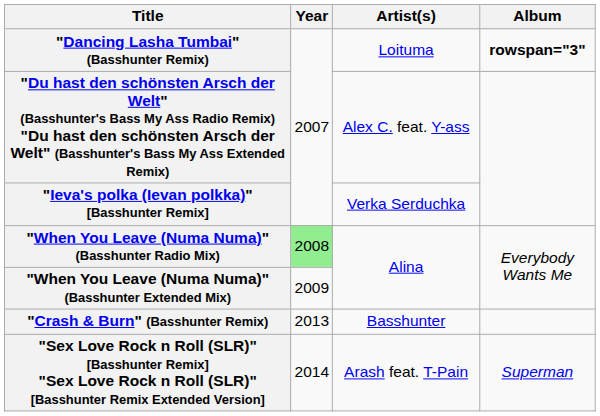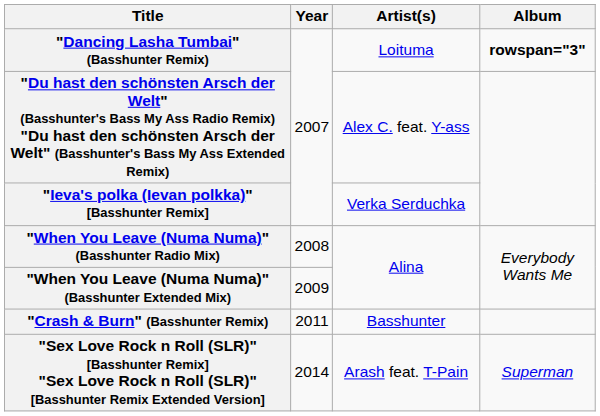 <table class="wikitable plainrowheaders" style="text-align:center;">
 <tr>
 <th scope="col" style="width:18em;">Title</th>
 <th scope="col" style="width:1em;">Year</th>
 <th scope="col" style="width:9em;">Artist(s)</th>
 <th scope="col" style="width:7em;">Album</th>
 </tr>
 <tr>
 <th scope="row">"<a href='#'>Dancing Lasha Tumbai</a>"<br><small>(Basshunter Remix)</small></th>
 <td rowspan="3">2007</td>
 <td><a href='#'>Loituma</a></td>
 <td><strong>rowspan="3" </strong></td>
 </tr>
 <tr>
 <th scope="row">"<a href='#'>Du hast den schönsten Arsch der Welt</a>"<br><small>(Basshunter's Bass My Ass Radio Remix)</small><br>"Du hast den schönsten Arsch der Welt" <small>(Basshunter's Bass My Ass Extended Remix)</small></th>
 <td><a href='#'>Alex C.</a> feat. <a href='#'>Y-ass</a></td>
 </tr>
 <tr>
 <th scope="row">"<a href='#'>Ieva's polka (Ievan polkka)</a>"<br><small>[Basshunter Remix]</small></th>
 <td><a href='#'>Verka Serduchka</a></td>
 </tr>
 <tr>
 <th scope="row">"<a href='#'>When You Leave (Numa Numa)</a>" <small>(Basshunter Radio Mix)</small></th>
-<td style="background: lightgreen;">2008</td>
+<td>2008</td>
 <td rowspan="2"><a href='#'>Alina</a></td>
 <td rowspan="2"><em>Everybody Wants Me</em></td>
 </tr>
 <tr>
 <th scope="row">"When You Leave (Numa Numa)" <small>(Basshunter Extended Mix)</small></th>
 <td>2009</td>
 </tr>
 <tr>
 <th scope="row">"<a href='#'>Crash & Burn</a>" <small>(Basshunter Remix)</small></th>
-<td>2013</td>
+<td>2011</td>
 <td><a href='#'>Basshunter</a></td>
 <td></td>
 </tr>
 <tr>
 <th scope="row">"Sex Love Rock n Roll (SLR)"<br><small>[Basshunter Remix]</small><br>"Sex Love Rock n Roll (SLR)"<br><small>[Basshunter Remix Extended Version]</small></th>
 <td>2014</td>
 <td><a href='#'>Arash</a> feat. <a href='#'>T-Pain</a></td>
 <td><em><a href='#'>Superman</a></em></td>
 </tr>
 </table>
